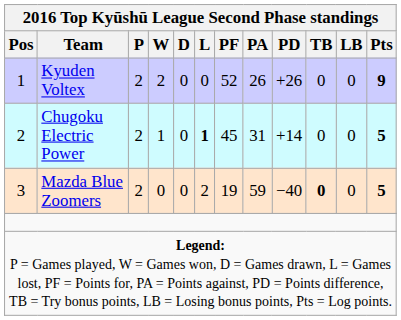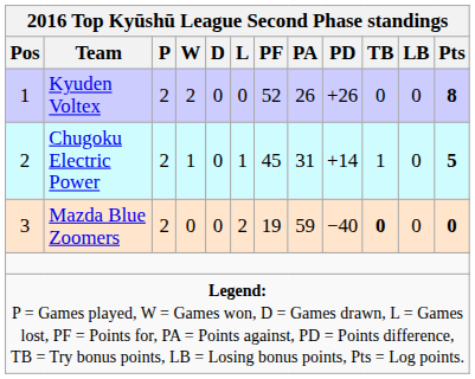 <table class="wikitable" style="text-align:center; font-size:100%; width:60%;">
 <tr>
 <th colspan="100%" cellpadding="0" cellspacing="0"><strong>2016 Top Kyūshū League Second Phase standings</strong></th>
 </tr>
 <tr>
 <th style="width:6%;">Pos</th>
 <th style="width:34%;">Team</th>
 <th style="width:6%;">P</th>
 <th style="width:6%;">W</th>
 <th style="width:6%;">D</th>
 <th style="width:6%;">L</th>
 <th style="width:6%;">PF</th>
 <th style="width:6%;">PA</th>
 <th style="width:6%;">PD</th>
 <th style="width:6%;">TB</th>
 <th style="width:6%;">LB</th>
 <th style="width:6%;">Pts<br></th>
 </tr>
 <tr style="background:#CCCCFF;">
 <td>1</td>
 <td style="text-align:left;"><a href='#'>Kyuden Voltex</a></td>
 <td>2</td>
 <td>2</td>
 <td>0</td>
 <td>0</td>
 <td>52</td>
 <td>26</td>
 <td>+26</td>
 <td>0</td>
 <td>0</td>
-<td><strong>9</strong></td>
+<td><strong>8</strong></td>
 </tr>
 <tr style="background:#CFFCFF;">
 <td>2</td>
 <td style="text-align:left;"><a href='#'>Chugoku Electric Power</a></td>
 <td>2</td>
 <td>1</td>
 <td>0</td>
-<td><strong>1</strong></td>
+<td>1</td>
 <td>45</td>
 <td>31</td>
 <td>+14</td>
-<td>0</td>
+<td>1</td>
 <td>0</td>
 <td><strong>5</strong></td>
 </tr>
 <tr style="background:#FFE5CC;">
 <td>3</td>
 <td style="text-align:left;"><a href='#'>Mazda Blue Zoomers</a></td>
 <td>2</td>
 <td>0</td>
 <td>0</td>
 <td>2</td>
 <td>19</td>
 <td>59</td>
 <td>−40</td>
 <td><strong>0</strong></td>
 <td>0</td>
-<td><strong>5</strong></td>
+<td><strong>0</strong></td>
 </tr>
 <tr>
 </tr>
 <tr>
 <td colspan="100%" style="height:10px;"></td>
 </tr>
 <tr>
 <td colspan="100%"><small><strong>Legend:</strong> <br> P = Games played, W = Games won, D = Games drawn, L = Games lost, PF = Points for, PA = Points against, PD = Points difference, TB = Try bonus points, LB = Losing bonus points, Pts = Log points.</small></td>
 </tr>
 </table>
